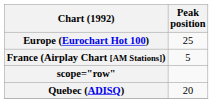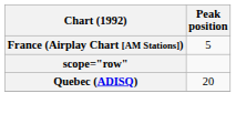 <table class="wikitable sortable plainrowheaders">
 <tr>
 <th>Chart (1992)</th>
 <th>Peak<br>position</th>
-</tr>
-<tr>
-<th scope="row">Europe (<a href='#'>Eurochart Hot 100</a>)</th>
-<td align="center">25</td>
 </tr>
 <tr>
 <th scope="row">France (Airplay Chart <small>[AM Stations]</small>)</th>
 <td align="center">5</td>
 </tr>
 <tr>
 <th>scope="row"</th>
 </tr>
 <tr>
 <th scope="row">Quebec (<a href='#'>ADISQ</a>)</th>
 <td align="center">20</td>
 </tr>
 <tr>
 </tr>
 </table>
